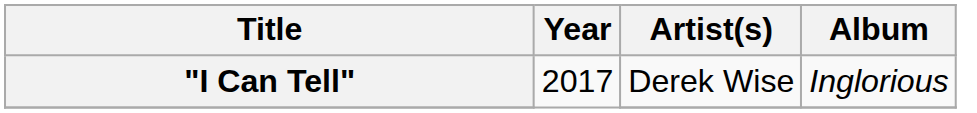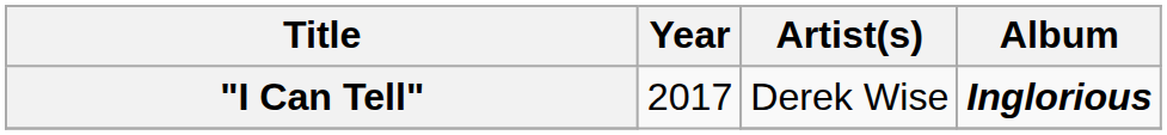 <table class="wikitable plainrowheaders" style="text-align:center;">
 <tr>
 <th scope="col" style="width:16em;">Title</th>
 <th scope="col">Year</th>
 <th scope="col">Artist(s)</th>
 <th scope="col">Album</th>
 </tr>
 <tr>
 <th scope="row">"I Can Tell" </th>
 <td rowspan="2">2017</td>
 <td>Derek Wise</td>
-<td><em>Inglorious</em></td>
+<td><strong><em>Inglorious</em></strong></td>
 </tr>
 <tr>
 </tr>
 </table>
